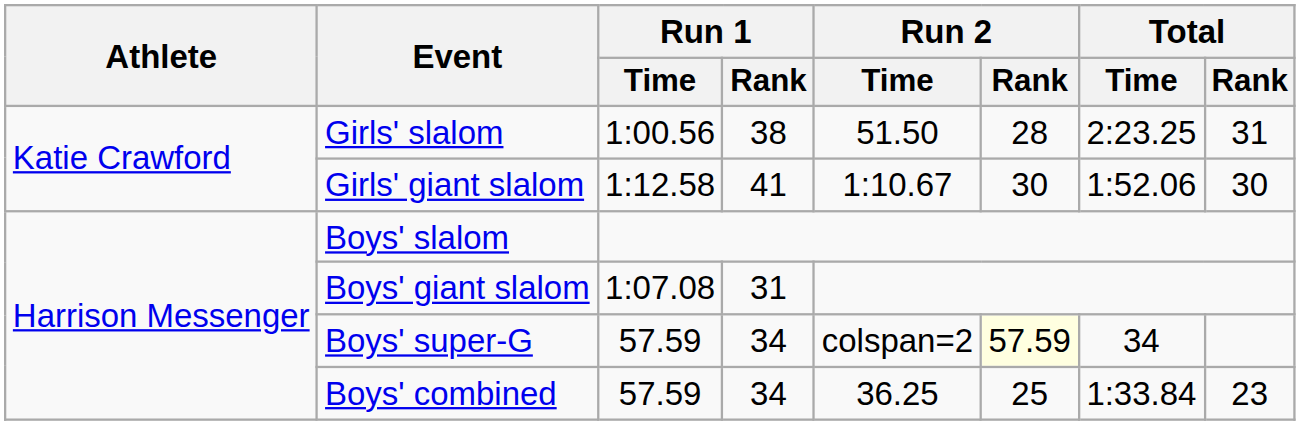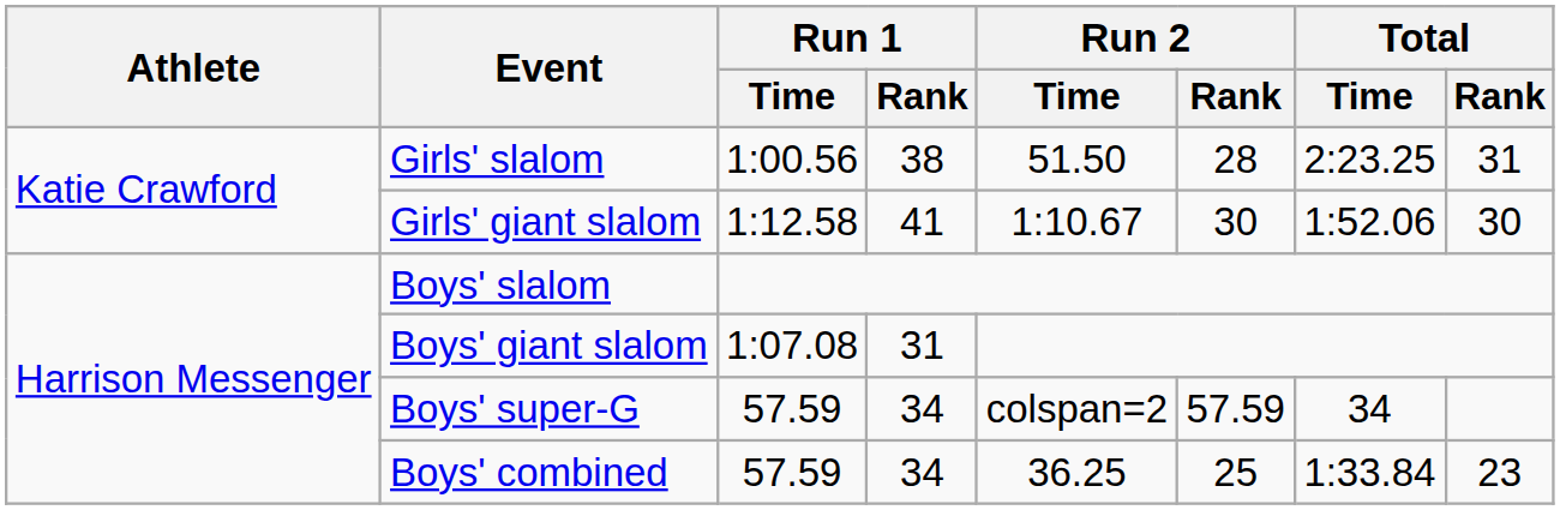 <table class="wikitable" style="font-size:90%">
 <tr>
 <th rowspan=2>Athlete</th>
 <th rowspan=2>Event</th>
 <th colspan=2>Run 1</th>
 <th colspan=2>Run 2</th>
 <th colspan=2>Total</th>
 </tr>
 <tr style="font-size:95%">
 <th>Time</th>
 <th>Rank</th>
 <th>Time</th>
 <th>Rank</th>
 <th>Time</th>
 <th>Rank</th>
 </tr>
 <tr align=center>
 <td align="left" rowspan="2"><a href='#'>Katie Crawford</a></td>
 <td align="left"><a href='#'>Girls' slalom</a></td>
 <td>1:00.56</td>
 <td>38</td>
 <td>51.50</td>
 <td>28</td>
 <td>2:23.25</td>
 <td>31</td>
 </tr>
 <tr align=center>
 <td align="left"><a href='#'>Girls' giant slalom</a></td>
 <td>1:12.58</td>
 <td>41</td>
 <td>1:10.67</td>
 <td>30</td>
 <td>1:52.06</td>
 <td>30</td>
 </tr>
 <tr align=center>
 <td align="left" rowspan="4"><a href='#'>Harrison Messenger</a></td>
 <td align="left"><a href='#'>Boys' slalom</a></td>
 <td colspan=6></td>
 </tr>
 <tr align=center>
 <td align="left"><a href='#'>Boys' giant slalom</a></td>
 <td>1:07.08</td>
 <td>31</td>
 <td colspan=4></td>
 </tr>
 <tr align=center>
 <td align="left"><a href='#'>Boys' super-G</a></td>
 <td>57.59</td>
 <td>34</td>
 <td>colspan=2 </td>
-<td style="background: lightyellow;">57.59</td>
+<td>57.59</td>
 <td>34</td>
 </tr>
 <tr align=center>
 <td align="left"><a href='#'>Boys' combined</a></td>
 <td>57.59</td>
 <td>34</td>
 <td>36.25</td>
 <td>25</td>
 <td>1:33.84</td>
 <td>23</td>
 </tr>
 </table>
